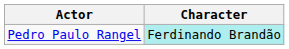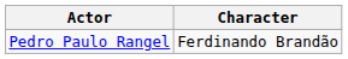 <table class="wikitable sortable">
 <tr>
 <th>Actor</th>
 <th>Character</th>
 </tr>
 <tr>
 <td><a href='#'>Pedro Paulo Rangel</a></td>
-<td style="background: paleturquoise;">Ferdinando Brandão</td>
+<td>Ferdinando Brandão</td>
 </tr>
 </table>
